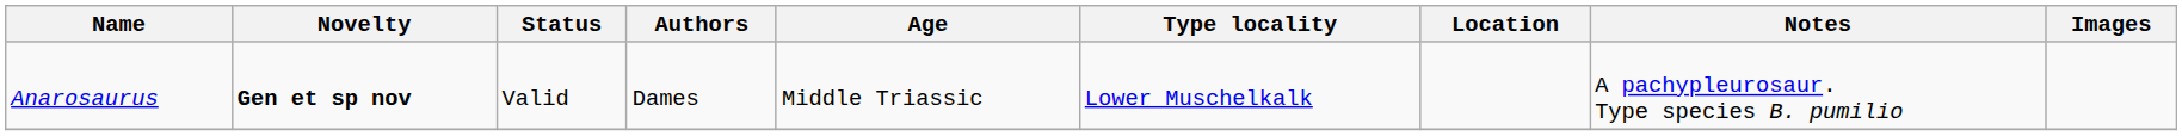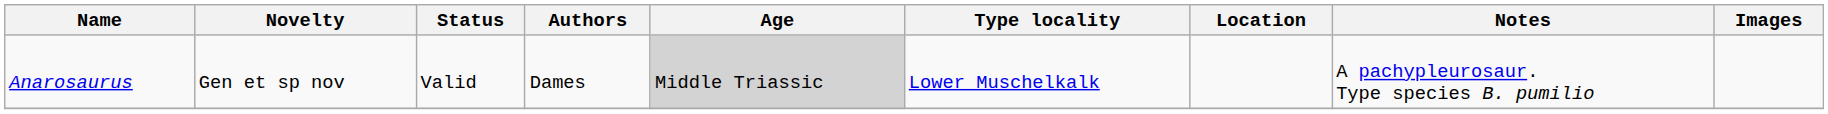 <table class="wikitable sortable" align="center" width="100%">
 <tr>
 <th>Name</th>
 <th>Novelty</th>
 <th>Status</th>
 <th>Authors</th>
 <th>Age</th>
 <th>Type locality</th>
 <th>Location</th>
 <th>Notes</th>
 <th>Images</th>
 </tr>
 <tr>
 <td><br><em><a href='#'>Anarosaurus</a></em></td>
-<td><strong><br>Gen et sp nov</strong></td>
+<td><br>Gen et sp nov</td>
 <td><br>Valid</td>
 <td><br>Dames</td>
-<td><br>Middle Triassic</td>
+<td style="background: lightgrey;"><br>Middle Triassic</td>
 <td><br><a href='#'>Lower Muschelkalk</a></td>
 <td><br></td>
 <td><br>A <a href='#'>pachypleurosaur</a>.<br> Type species <em>B. pumilio</em></td>
 <td><br></td>
 </tr>
 <tr>
 </tr>
 </table>
